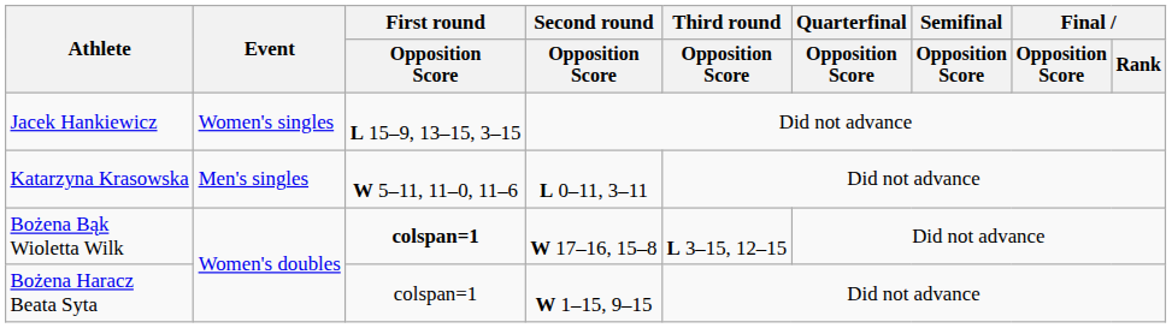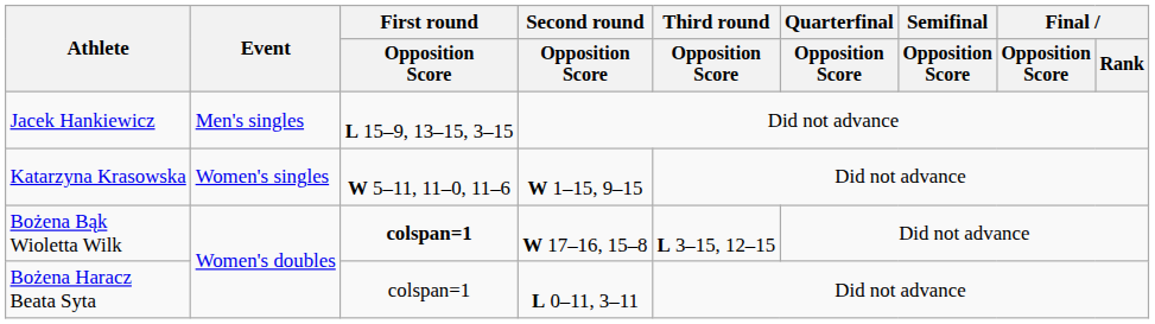 <table class=wikitable style="font-size:90%">
 <tr>
 <th rowspan="2">Athlete</th>
 <th rowspan="2">Event</th>
 <th>First round</th>
 <th>Second round</th>
 <th>Third round</th>
 <th>Quarterfinal</th>
 <th>Semifinal</th>
 <th colspan=2>Final / </th>
 </tr>
 <tr style="font-size:95%">
 <th>Opposition<br>Score</th>
 <th>Opposition<br>Score</th>
 <th>Opposition<br>Score</th>
 <th>Opposition<br>Score</th>
 <th>Opposition<br>Score</th>
 <th>Opposition<br>Score</th>
 <th>Rank</th>
 </tr>
 <tr align=center>
 <td align=left><a href='#'>Jacek Hankiewicz</a></td>
-<td align=left><a href='#'>Women's singles</a></td>
+<td align=left><a href='#'>Men's singles</a></td>
 <td><br><strong>L</strong> 15–9, 13–15, 3–15</td>
 <td colspan=6>Did not advance</td>
 </tr>
 <tr align=center>
 <td align=left><a href='#'>Katarzyna Krasowska</a></td>
-<td align=left><a href='#'>Men's singles</a></td>
+<td align=left><a href='#'>Women's singles</a></td>
 <td><br><strong>W</strong> 5–11, 11–0, 11–6</td>
-<td><br><strong>L</strong> 0–11, 3–11</td>
+<td><br><strong>W</strong> 1–15, 9–15</td>
 <td colspan=5>Did not advance</td>
 </tr>
 <tr align=center>
 <td align=left><a href='#'>Bożena Bąk</a><br>Wioletta Wilk</td>
 <td align=left rowspan=3><a href='#'>Women's doubles</a></td>
 <td><strong>colspan=1 </strong></td>
 <td><br><strong>W</strong> 17–16, 15–8</td>
 <td><br><strong>L</strong> 3–15, 12–15</td>
 <td colspan=5>Did not advance</td>
 </tr>
 <tr align=center>
 <td align=left><a href='#'>Bożena Haracz</a><br>Beata Syta</td>
 <td>colspan=1 </td>
-<td><br><strong>W</strong> 1–15, 9–15</td>
+<td><br><strong>L</strong> 0–11, 3–11</td>
 <td colspan=6>Did not advance</td>
 </tr>
 </table>
